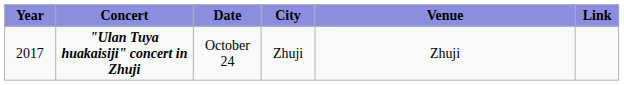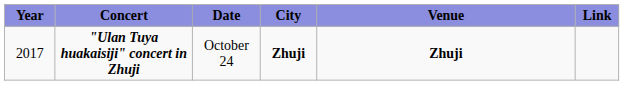 <table class="wikitable sortable mw-collapsible" width="80%" style="text-align:center">
 <tr align="center" style="background:#8B8EDE">
 <td style="width:2%"><strong>Year</strong></td>
 <td style="width:8%"><strong>Concert</strong></td>
 <td style="width:2%"><strong>Date</strong></td>
 <td style="width:2%"><strong>City</strong></td>
 <td style="width:18%"><strong>Venue</strong></td>
 <td style="width:1%"><strong>Link</strong></td>
 </tr>
 <tr>
 <td rowspan="2">2017</td>
 <td rowspan="2"><strong><em>"Ulan Tuya huakaisiji" concert in Zhuji</em></strong></td>
 <td>October 24</td>
-<td>Zhuji</td>
-<td>Zhuji</td>
+<td><strong>Zhuji</strong></td>
+<td><strong>Zhuji</strong></td>
 <td></td>
 </tr>
 </table>
